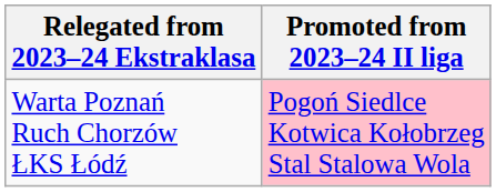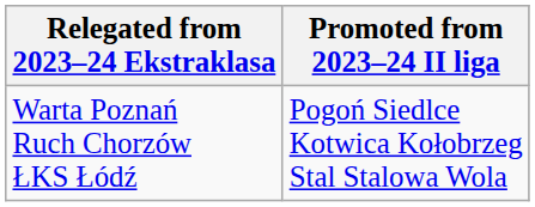 <table class="wikitable">
 <tr>
 <th>Relegated from<br><a href='#'>2023–24 Ekstraklasa</a></th>
 <th>Promoted from<br><a href='#'>2023–24 II liga</a></th>
 </tr>
 <tr>
 <td> <a href='#'>Warta Poznań</a> <br> <a href='#'>Ruch Chorzów</a> <br> <a href='#'>ŁKS Łódź</a> </td>
-<td style="background: pink;"> <a href='#'>Pogoń Siedlce</a> <br>  <a href='#'>Kotwica Kołobrzeg</a> <br>  <a href='#'>Stal Stalowa Wola</a> </td>
+<td> <a href='#'>Pogoń Siedlce</a> <br>  <a href='#'>Kotwica Kołobrzeg</a> <br>  <a href='#'>Stal Stalowa Wola</a> </td>
 </tr>
 </table>
